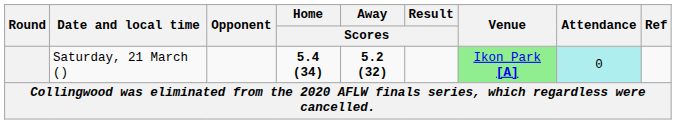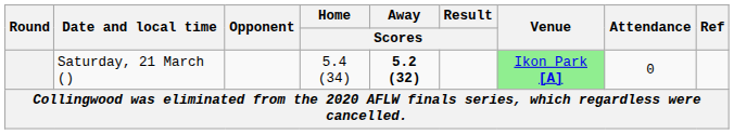 <table class="wikitable plainrowheaders" style="font-size:90%; width:100%; text-align:center;">
 <tr>
 <th scope="col" rowspan="2">Round</th>
 <th scope="col" rowspan="2">Date and local time</th>
 <th scope="col" rowspan="2">Opponent</th>
 <th scope="col">Home</th>
 <th scope="col">Away</th>
 <th scope="col">Result</th>
 <th scope="col" rowspan="2">Venue</th>
 <th scope="col" rowspan="2">Attendance</th>
 <th scope="col" rowspan="2">Ref</th>
 </tr>
 <tr>
 <th scope="col" colspan="3">Scores</th>
 </tr>
 <tr>
 <th scope="row"></th>
 <td align=left>Saturday, 21 March ()</td>
 <td align=left></td>
-<td><strong>5.4 (34)</strong></td>
+<td>5.4 (34)</td>
 <td><strong>5.2 (32)</strong></td>
 <td></td>
 <td style="background: lightgreen;"><a href='#'>Ikon Park</a> <a href='#'><strong>[A]</strong></a></td>
-<td style="background: paleturquoise;">0</td>
+<td>0</td>
 <td></td>
 </tr>
 <tr>
 <th colspan=9><span><em>Collingwood was eliminated from the 2020 AFLW finals series, which regardless were cancelled.</em></span></th>
 </tr>
 </table>
